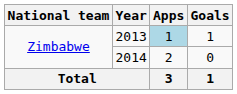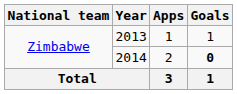 <table class="wikitable" style="text-align:center">
 <tr>
 <th>National team</th>
 <th>Year</th>
 <th>Apps</th>
 <th>Goals</th>
 </tr>
 <tr>
 <td rowspan="2"><a href='#'>Zimbabwe</a></td>
 <td>2013</td>
-<td style="background: lightblue;">1</td>
+<td>1</td>
 <td>1</td>
 </tr>
 <tr>
 <td>2014</td>
 <td>2</td>
-<td>0</td>
+<td><strong>0</strong></td>
 </tr>
 <tr>
 <th colspan=2>Total</th>
 <th>3</th>
 <th>1</th>
 </tr>
 </table>
